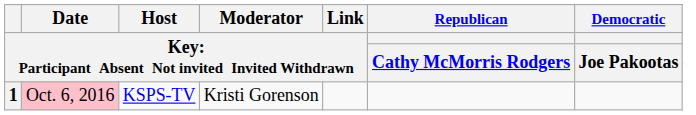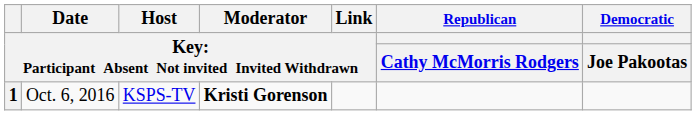 <table class="wikitable" style="text-align:center;">
 <tr>
 <th scope="col"></th>
 <th scope="col">Date</th>
 <th scope="col">Host</th>
 <th scope="col">Moderator</th>
 <th scope="col">Link</th>
 <th scope="col"><small><a href='#'>Republican</a></small></th>
 <th scope="col"><small><a href='#'>Democratic</a></small></th>
 </tr>
 <tr>
 <th colspan="5" rowspan="2">Key:<br> <small>Participant </small>  <small>Absent </small>  <small>Not invited </small>  <small>Invited  Withdrawn</small></th>
 <th scope="col" style="background:"></th>
 <th scope="col" style="background:"></th>
 </tr>
 <tr>
 <th scope="col"><a href='#'>Cathy McMorris Rodgers</a></th>
 <th scope="col">Joe Pakootas</th>
 </tr>
 <tr>
 <th>1</th>
-<td style="background: pink; white-space:nowrap;">Oct. 6, 2016</td>
+<td style="white-space:nowrap;">Oct. 6, 2016</td>
 <td style="white-space:nowrap;"><a href='#'>KSPS-TV</a></td>
-<td style="white-space:nowrap;">Kristi Gorenson</td>
+<td style="white-space:nowrap;"><strong>Kristi Gorenson</strong></td>
 <td style="white-space:nowrap;"></td>
 <td></td>
 <td></td>
 </tr>
 </table>
